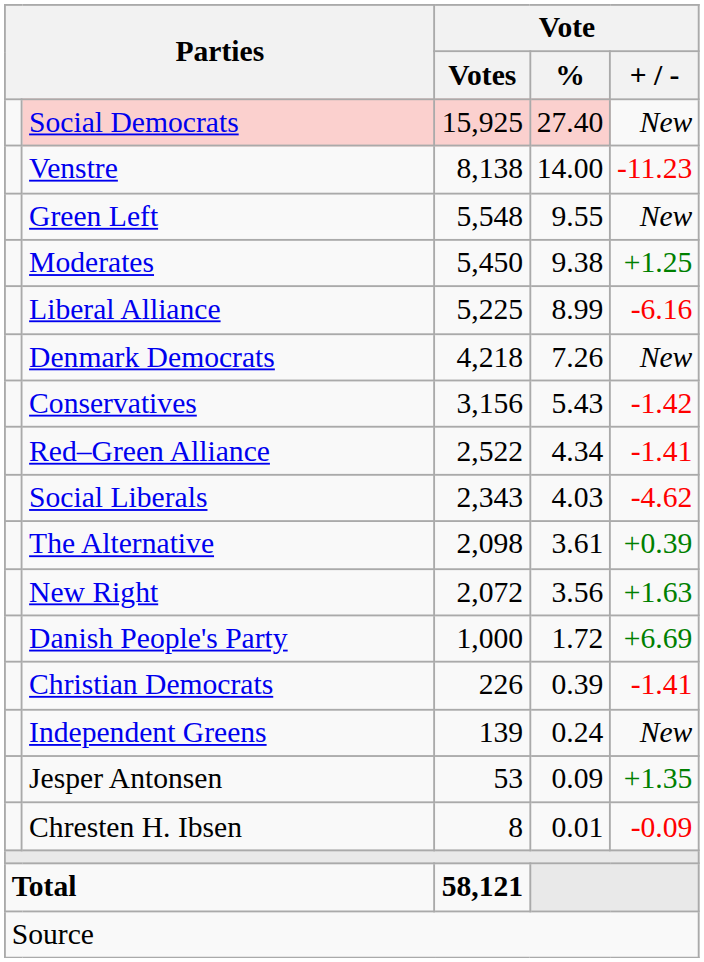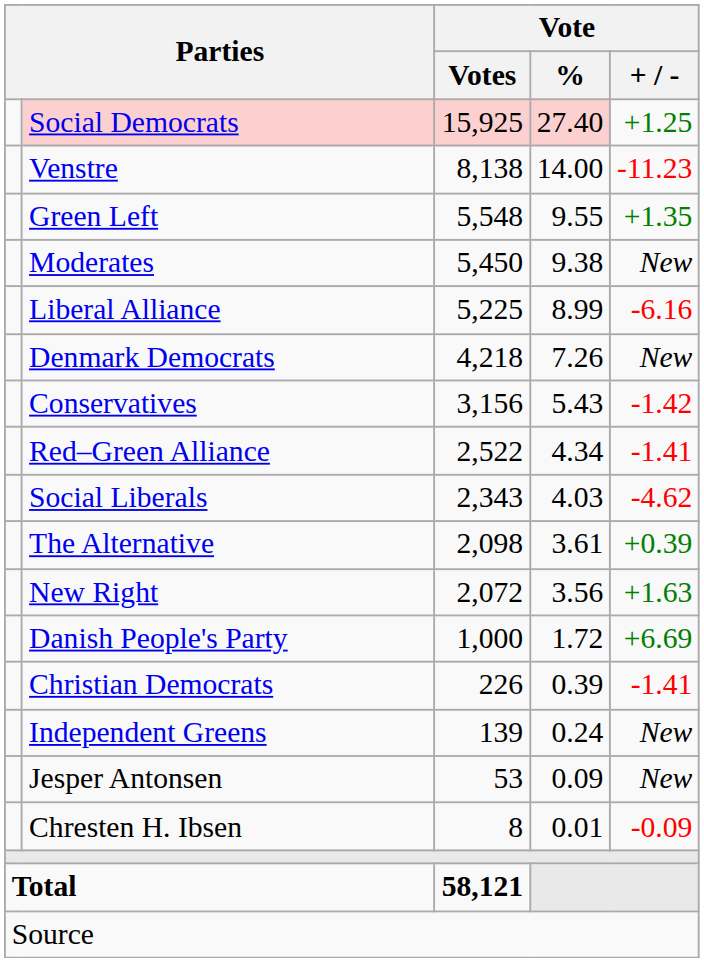 <table class="wikitable" style="text-align:right;">
 <tr>
 <th style="text-align:centre;" rowspan="2" colspan="2" width="225">Parties</th>
 <th colspan="3">Vote</th>
 </tr>
 <tr>
 <th width="15">Votes</th>
 <th width="15">%</th>
 <th width="15">+ / -</th>
 </tr>
 <tr>
 <td width="2" style="color:inherit;background:"></td>
 <td bgcolor=#fbd0ce  align="left"><a href='#'>Social Democrats</a></td>
 <td bgcolor=#fbd0ce>15,925</td>
 <td bgcolor=#fbd0ce>27.40</td>
-<td><em>New</em></td>
+<td style=color:green;>+1.25</td>
 </tr>
 <tr>
 <td width="2" style="color:inherit;background:"></td>
 <td align="left"><a href='#'>Venstre</a></td>
 <td>8,138</td>
 <td>14.00</td>
 <td style=color:red;>-11.23</td>
 </tr>
 <tr>
 <td width="2" style="color:inherit;background:"></td>
 <td align="left"><a href='#'>Green Left</a></td>
 <td>5,548</td>
 <td>9.55</td>
-<td><em>New</em></td>
+<td style=color:green;>+1.35</td>
 </tr>
 <tr>
 <td width="2" style="color:inherit;background:"></td>
 <td align="left"><a href='#'>Moderates</a></td>
 <td>5,450</td>
 <td>9.38</td>
-<td style=color:green;>+1.25</td>
+<td><em>New</em></td>
 </tr>
 <tr>
 <td width="2" style="color:inherit;background:"></td>
 <td align="left"><a href='#'>Liberal Alliance</a></td>
 <td>5,225</td>
 <td>8.99</td>
 <td style=color:red;>-6.16</td>
 </tr>
 <tr>
 <td width="2" style="color:inherit;background:"></td>
 <td align="left"><a href='#'>Denmark Democrats</a></td>
 <td>4,218</td>
 <td>7.26</td>
 <td><em>New</em></td>
 </tr>
 <tr>
 <td width="2" style="color:inherit;background:"></td>
 <td align="left"><a href='#'>Conservatives</a></td>
 <td>3,156</td>
 <td>5.43</td>
 <td style=color:red;>-1.42</td>
 </tr>
 <tr>
 <td width="2" style="color:inherit;background:"></td>
 <td align="left"><a href='#'>Red–Green Alliance</a></td>
 <td>2,522</td>
 <td>4.34</td>
 <td style=color:red;>-1.41</td>
 </tr>
 <tr>
 <td width="2" style="color:inherit;background:"></td>
 <td align="left"><a href='#'>Social Liberals</a></td>
 <td>2,343</td>
 <td>4.03</td>
 <td style=color:red;>-4.62</td>
 </tr>
 <tr>
 <td width="2" style="color:inherit;background:"></td>
 <td align="left"><a href='#'>The Alternative</a></td>
 <td>2,098</td>
 <td>3.61</td>
 <td style=color:green;>+0.39</td>
 </tr>
 <tr>
 <td width="2" style="color:inherit;background:"></td>
 <td align="left"><a href='#'>New Right</a></td>
 <td>2,072</td>
 <td>3.56</td>
 <td style=color:green;>+1.63</td>
 </tr>
 <tr>
 <td width="2" style="color:inherit;background:"></td>
 <td align="left"><a href='#'>Danish People's Party</a></td>
 <td>1,000</td>
 <td>1.72</td>
 <td style=color:green;>+6.69</td>
 </tr>
 <tr>
 <td width="2" style="color:inherit;background:"></td>
 <td align="left"><a href='#'>Christian Democrats</a></td>
 <td>226</td>
 <td>0.39</td>
 <td style=color:red;>-1.41</td>
 </tr>
 <tr>
 <td width="2" style="color:inherit;background:"></td>
 <td align="left"><a href='#'>Independent Greens</a></td>
 <td>139</td>
 <td>0.24</td>
 <td><em>New</em></td>
 </tr>
 <tr>
 <td width="2" style="color:inherit;background:"></td>
 <td align="left">Jesper Antonsen</td>
 <td>53</td>
 <td>0.09</td>
-<td style=color:green;>+1.35</td>
+<td><em>New</em></td>
 </tr>
 <tr>
 <td width="2" style="color:inherit;background:"></td>
 <td align="left">Chresten H. Ibsen</td>
 <td>8</td>
 <td>0.01</td>
 <td style=color:red;>-0.09</td>
 </tr>
 <tr>
 <td colspan="7" bgcolor="#E9E9E9"></td>
 </tr>
 <tr>
 <td align="left" colspan="2"><strong>Total</strong></td>
 <td><strong>58,121</strong></td>
 <td bgcolor="#E9E9E9" colspan="2"></td>
 </tr>
 <tr>
 <td align="left" colspan="6">Source</td>
 </tr>
 </table>
